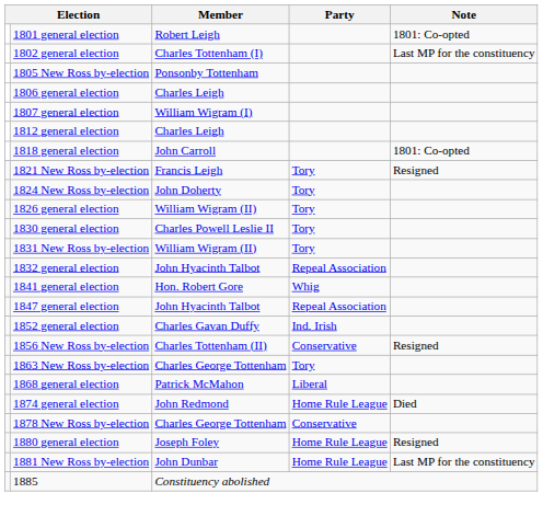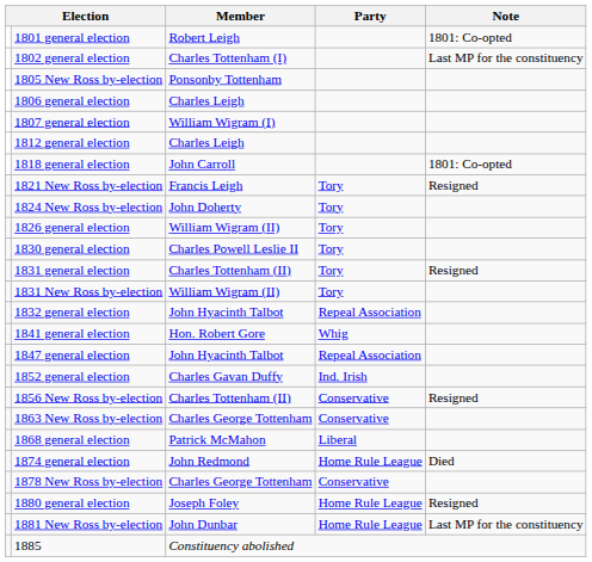 <table class="wikitable">
 <tr>
 <th colspan="2">Election</th>
 <th>Member</th>
 <th>Party</th>
 <th>Note</th>
 </tr>
 <tr>
 <td style="color:inherit;background-color: white"></td>
 <td><a href='#'>1801 general election</a></td>
 <td><a href='#'>Robert Leigh</a></td>
 <td></td>
 <td>1801: Co-opted</td>
 </tr>
 <tr>
 <td style="color:inherit;background-color: white"></td>
 <td><a href='#'>1802 general election</a></td>
 <td><a href='#'>Charles Tottenham (I)</a></td>
 <td></td>
 <td>Last MP for the constituency</td>
 </tr>
 <tr>
 <td style="color:inherit;background-color: white"></td>
 <td><a href='#'>1805 New Ross by-election</a></td>
 <td><a href='#'>Ponsonby Tottenham</a></td>
 <td></td>
 <td></td>
 </tr>
 <tr>
 <td style="color:inherit;background-color: white"></td>
 <td><a href='#'>1806 general election</a></td>
 <td><a href='#'>Charles Leigh</a></td>
 <td></td>
 <td></td>
 </tr>
 <tr>
 <td style="color:inherit;background-color: white"></td>
 <td><a href='#'>1807 general election</a></td>
 <td><a href='#'>William Wigram (I)</a></td>
 <td></td>
 <td></td>
 </tr>
 <tr>
 <td style="color:inherit;background-color: white"></td>
 <td><a href='#'>1812 general election</a></td>
 <td><a href='#'>Charles Leigh</a></td>
 <td></td>
 <td></td>
 </tr>
 <tr>
 <td style="color:inherit;background-color: white"></td>
 <td><a href='#'>1818 general election</a></td>
 <td><a href='#'>John Carroll</a></td>
 <td></td>
 <td>1801: Co-opted</td>
 </tr>
 <tr>
 <td style="color:inherit;background-color: "></td>
 <td><a href='#'>1821 New Ross by-election</a></td>
 <td><a href='#'>Francis Leigh</a></td>
 <td><a href='#'>Tory</a></td>
 <td>Resigned</td>
 </tr>
 <tr>
 <td style="color:inherit;background-color: "></td>
 <td><a href='#'>1824 New Ross by-election</a></td>
 <td><a href='#'>John Doherty</a></td>
 <td><a href='#'>Tory</a></td>
 <td></td>
 </tr>
 <tr>
 <td style="color:inherit;background-color: "></td>
 <td><a href='#'>1826 general election</a></td>
 <td><a href='#'>William Wigram (II)</a></td>
 <td><a href='#'>Tory</a></td>
 <td></td>
 </tr>
 <tr>
 <td style="color:inherit;background-color: "></td>
 <td><a href='#'>1830 general election</a></td>
 <td><a href='#'>Charles Powell Leslie II</a></td>
 <td><a href='#'>Tory</a></td>
 <td></td>
 </tr>
 <tr>
 <td style="color:inherit;background-color: "></td>
+<td><a href='#'>1831 general election</a></td>
+<td><a href='#'>Charles Tottenham (II)</a></td>
+<td><a href='#'>Tory</a></td>
+<td>Resigned</td>
+</tr>
+<tr>
+<td style="color:inherit;background-color: "></td>
 <td><a href='#'>1831 New Ross by-election</a></td>
 <td><a href='#'>William Wigram (II)</a></td>
 <td><a href='#'>Tory</a></td>
 <td></td>
 </tr>
 <tr>
 <td style="color:inherit;background-color: "></td>
 <td><a href='#'>1832 general election</a></td>
 <td><a href='#'>John Hyacinth Talbot</a></td>
 <td><a href='#'>Repeal Association</a></td>
 <td></td>
 </tr>
 <tr>
 <td style="color:inherit;background-color: "></td>
 <td><a href='#'>1841 general election</a></td>
 <td><a href='#'>Hon. Robert Gore</a></td>
 <td><a href='#'>Whig</a></td>
 <td></td>
 </tr>
 <tr>
 <td style="color:inherit;background-color: "></td>
 <td><a href='#'>1847 general election</a></td>
 <td><a href='#'>John Hyacinth Talbot</a></td>
 <td><a href='#'>Repeal Association</a></td>
 <td></td>
 </tr>
 <tr>
 <td style="color:inherit;background-color: "></td>
 <td><a href='#'>1852 general election</a></td>
 <td><a href='#'>Charles Gavan Duffy</a></td>
 <td><a href='#'>Ind. Irish</a></td>
 <td></td>
 </tr>
 <tr>
 <td style="color:inherit;background-color: "></td>
 <td><a href='#'>1856 New Ross by-election</a></td>
 <td><a href='#'>Charles Tottenham (II)</a></td>
 <td><a href='#'>Conservative</a></td>
 <td>Resigned</td>
 </tr>
 <tr>
 <td style="color:inherit;background-color: "></td>
 <td><a href='#'>1863 New Ross by-election</a></td>
 <td><a href='#'>Charles George Tottenham</a></td>
-<td><a href='#'>Tory</a></td>
+<td><a href='#'>Conservative</a></td>
 <td></td>
 </tr>
 <tr>
 <td style="color:inherit;background-color: "></td>
 <td><a href='#'>1868 general election</a></td>
 <td><a href='#'>Patrick McMahon</a></td>
 <td><a href='#'>Liberal</a></td>
 <td></td>
 </tr>
 <tr>
 <td style="color:inherit;background-color: "></td>
 <td><a href='#'>1874 general election</a></td>
 <td><a href='#'>John Redmond</a></td>
 <td><a href='#'>Home Rule League</a></td>
 <td>Died</td>
 </tr>
 <tr>
 <td style="color:inherit;background-color: "></td>
 <td><a href='#'>1878 New Ross by-election</a></td>
 <td><a href='#'>Charles George Tottenham</a></td>
 <td><a href='#'>Conservative</a></td>
 <td></td>
 </tr>
 <tr>
 <td style="color:inherit;background-color: "></td>
 <td><a href='#'>1880 general election</a></td>
 <td><a href='#'>Joseph Foley</a></td>
 <td><a href='#'>Home Rule League</a></td>
 <td>Resigned</td>
 </tr>
 <tr>
 <td style="color:inherit;background-color: "></td>
 <td><a href='#'>1881 New Ross by-election</a></td>
 <td><a href='#'>John Dunbar</a></td>
 <td><a href='#'>Home Rule League</a></td>
 <td>Last MP for the constituency</td>
 </tr>
 <tr>
 <td></td>
 <td>1885</td>
 <td colspan="3"><em>Constituency abolished</em></td>
 </tr>
 </table>
